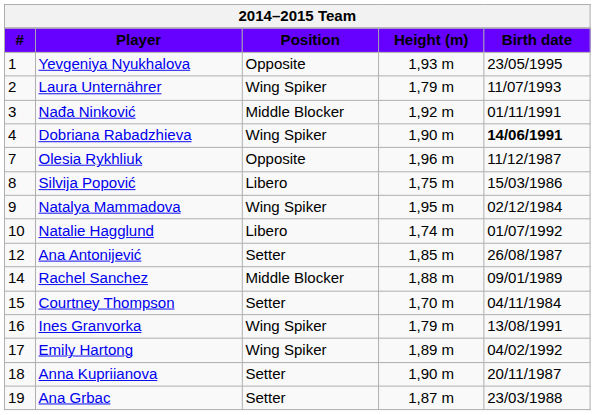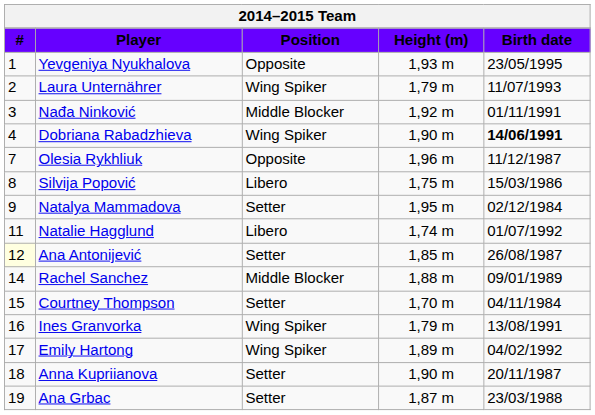 <table class="wikitable collapsible collapsed" style="width:100%;">
 <tr>
 <th colspan=6><strong>2014–2015 Team</strong></th>
 </tr>
 <tr>
 </tr>
 <tr style="background: #6600FF">
 <td align=center><strong><span>#</span></strong></td>
 <td align=center><strong><span>Player</span></strong></td>
 <td align=center><strong><span>Position</span></strong></td>
 <td align=center><strong><span>Height (m)</span></strong></td>
 <td align=center><strong><span>Birth date</span></strong></td>
 </tr>
 <tr align=left>
 <td>1</td>
 <td> <a href='#'>Yevgeniya Nyukhalova</a></td>
 <td>Opposite</td>
 <td align=center>1,93 m</td>
 <td>23/05/1995</td>
 </tr>
 <tr align="left">
 <td>2</td>
 <td> <a href='#'>Laura Unternährer</a></td>
 <td>Wing Spiker</td>
 <td align=center>1,79 m</td>
 <td>11/07/1993</td>
 </tr>
 <tr align="left">
 <td>3</td>
 <td> <a href='#'>Nađa Ninković</a></td>
 <td>Middle Blocker</td>
 <td align=center>1,92 m</td>
 <td>01/11/1991</td>
 </tr>
 <tr align=left>
 <td>4</td>
 <td> <a href='#'>Dobriana Rabadzhieva</a></td>
 <td>Wing Spiker</td>
 <td align=center>1,90 m</td>
 <td><strong>14/06/1991</strong></td>
 </tr>
 <tr align=left>
 <td>7</td>
 <td> <a href='#'>Olesia Rykhliuk</a></td>
 <td>Opposite</td>
 <td align=center>1,96 m</td>
 <td>11/12/1987</td>
 </tr>
 <tr align="left">
 <td>8</td>
 <td> <a href='#'>Silvija Popović</a></td>
 <td>Libero</td>
 <td align=center>1,75 m</td>
 <td>15/03/1986</td>
 </tr>
 <tr align=left>
 <td>9</td>
 <td> <a href='#'>Natalya Mammadova</a></td>
-<td>Wing Spiker</td>
+<td>Setter</td>
 <td align=center>1,95 m</td>
 <td>02/12/1984</td>
 </tr>
 <tr align=left>
-<td>10</td>
+<td>11</td>
 <td> <a href='#'>Natalie Hagglund</a></td>
 <td>Libero</td>
 <td align=center>1,74 m</td>
 <td>01/07/1992</td>
 </tr>
 <tr align="left">
-<td>12</td>
+<td style="background: lightyellow;">12</td>
 <td> <a href='#'>Ana Antonijević</a></td>
 <td>Setter</td>
 <td align=center>1,85 m</td>
 <td>26/08/1987</td>
 </tr>
 <tr align="left">
 <td>14</td>
 <td> <a href='#'>Rachel Sanchez</a></td>
 <td>Middle Blocker</td>
 <td align=center>1,88 m</td>
 <td>09/01/1989</td>
 </tr>
 <tr align="left">
 <td>15</td>
 <td> <a href='#'>Courtney Thompson</a></td>
 <td>Setter</td>
 <td align=center>1,70 m</td>
 <td>04/11/1984</td>
 </tr>
 <tr align=left>
 <td>16</td>
 <td> <a href='#'>Ines Granvorka</a></td>
 <td>Wing Spiker</td>
 <td align=center>1,79 m</td>
 <td>13/08/1991</td>
 </tr>
 <tr align="left">
 <td>17</td>
 <td> <a href='#'>Emily Hartong</a></td>
 <td>Wing Spiker</td>
 <td align=center>1,89 m</td>
 <td>04/02/1992</td>
 </tr>
 <tr align=left>
 <td>18</td>
 <td> <a href='#'>Anna Kupriianova</a></td>
 <td>Setter</td>
 <td align=center>1,90 m</td>
 <td>20/11/1987</td>
 </tr>
 <tr align=left>
 <td>19</td>
 <td> <a href='#'>Ana Grbac</a></td>
 <td>Setter</td>
 <td align=center>1,87 m</td>
 <td>23/03/1988</td>
 </tr>
 </table>
